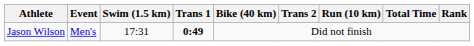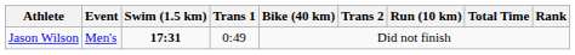 <table class="wikitable" style="font-size:90%">
 <tr>
 <th>Athlete</th>
 <th>Event</th>
 <th>Swim (1.5 km)</th>
 <th>Trans 1</th>
 <th>Bike (40 km)</th>
 <th>Trans 2</th>
 <th>Run (10 km)</th>
 <th>Total Time</th>
 <th>Rank</th>
 </tr>
 <tr align=center>
 <td align=left><a href='#'>Jason Wilson</a></td>
 <td align=left><a href='#'>Men's</a></td>
-<td>17:31</td>
-<td><strong>0:49</strong></td>
+<td><strong>17:31</strong></td>
+<td>0:49</td>
 <td colspan=5>Did not finish</td>
 </tr>
 </table>
